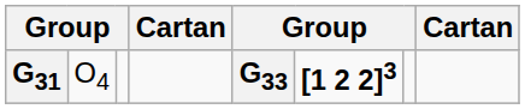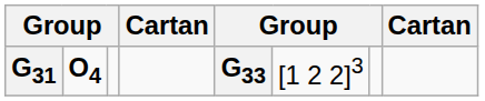 <table class=wikitable>
 <tr>
 <th colspan=3>Group</th>
 <th>Cartan</th>
 <th colspan=3>Group</th>
 <th>Cartan</th>
 </tr>
 <tr>
 <th>G<sub>31</sub></th>
-<td>O<sub>4</sub></td>
+<td><strong>O<sub>4</sub></strong></td>
 <td></td>
 <td></td>
 <th>G<sub>33</sub></th>
-<td><strong>[1 2 2]<sup>3</sup></strong></td>
+<td>[1 2 2]<sup>3</sup></td>
 <td></td>
 <td></td>
 </tr>
 </table>
